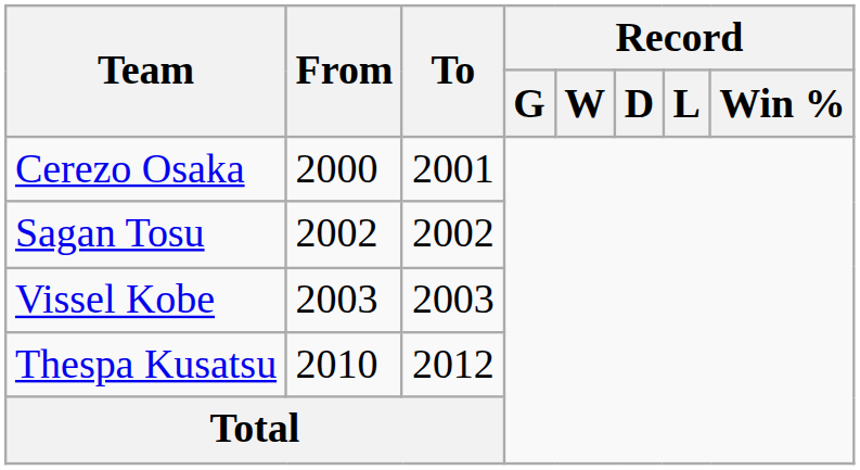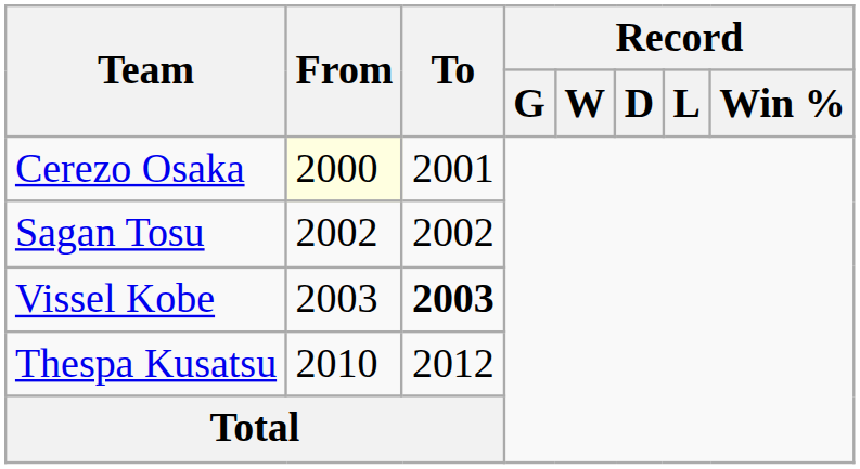 <table class="wikitable" style="text-align: center">
 <tr>
 <th rowspan="2">Team</th>
 <th rowspan="2">From</th>
 <th rowspan="2">To</th>
 <th colspan="5">Record</th>
 </tr>
 <tr>
 <th>G</th>
 <th>W</th>
 <th>D</th>
 <th>L</th>
 <th>Win %</th>
 </tr>
 <tr>
 <td align="left"><a href='#'>Cerezo Osaka</a></td>
-<td align="left">2000</td>
+<td align="left" style="background: lightyellow;">2000</td>
 <td align="left">2001<br></td>
 </tr>
 <tr>
 <td align="left"><a href='#'>Sagan Tosu</a></td>
 <td align="left">2002</td>
 <td align="left">2002<br></td>
 </tr>
 <tr>
 <td align="left"><a href='#'>Vissel Kobe</a></td>
 <td align="left">2003</td>
-<td align="left">2003<br></td>
+<td align="left"><strong>2003<br></strong></td>
 </tr>
 <tr>
 <td align="left"><a href='#'>Thespa Kusatsu</a></td>
 <td align="left">2010</td>
 <td align="left">2012<br></td>
 </tr>
 <tr>
 <th colspan="3">Total<br></th>
 </tr>
 </table>
